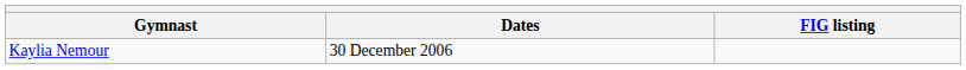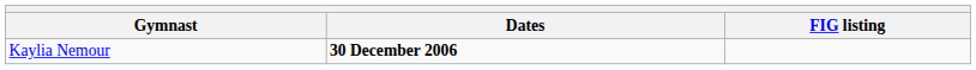 <table class="wikitable mw-collapsible mw-collapsed" width="75%">
 <tr>
 <th colspan="3"></th>
 </tr>
 <tr>
 <th>Gymnast</th>
 <th>Dates</th>
 <th><a href='#'>FIG</a> listing</th>
 </tr>
 <tr>
 <td><a href='#'>Kaylia Nemour</a></td>
-<td>30 December 2006</td>
+<td><strong>30 December 2006</strong></td>
 <td></td>
 </tr>
 </table>
